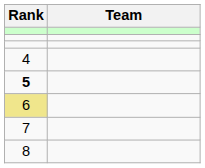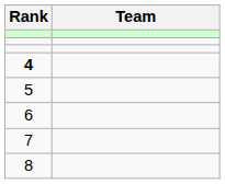 <table class=wikitable style="text-align:center;">
 <tr>
 <th width=40>Rank</th>
 <th width=160>Team</th>
 </tr>
 <tr bgcolor="#ccffcc">
 <td></td>
 <td align=left></td>
 </tr>
 <tr>
 <td></td>
 <td align=left></td>
 </tr>
 <tr>
 <td></td>
 <td align=left></td>
 </tr>
 <tr>
-<td>4</td>
+<td><strong>4</strong></td>
 <td align=left></td>
 </tr>
 <tr>
-<td><strong>5</strong></td>
+<td>5</td>
 <td align=left></td>
 </tr>
 <tr>
-<td style="background: khaki;">6</td>
+<td>6</td>
 <td align=left></td>
 </tr>
 <tr>
 <td>7</td>
 <td align=left></td>
 </tr>
 <tr>
 <td>8</td>
 <td align=left></td>
 </tr>
 </table>
